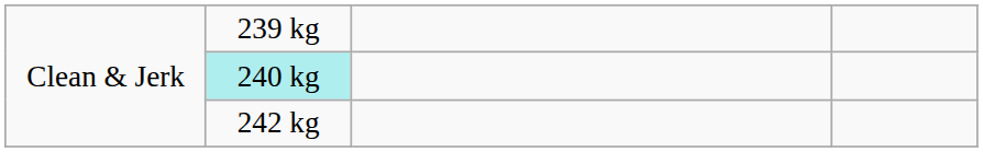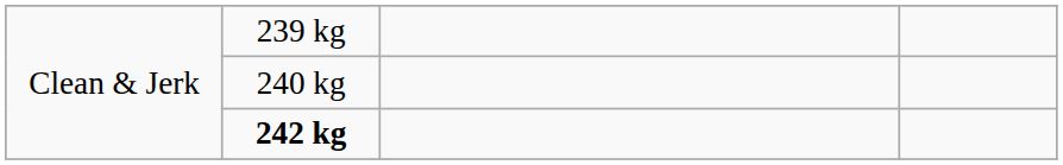 <table class = "wikitable" style="text-align:center;">
 <tr>
 <td rowspan=3 width=100>Clean & Jerk</td>
 <td width=70>239 kg</td>
 <td width=250 align=left></td>
 <td width=70></td>
 </tr>
 <tr>
-<td style="background: paleturquoise;">240 kg</td>
+<td>240 kg</td>
 <td align=left></td>
 <td></td>
 </tr>
 <tr>
-<td>242 kg</td>
+<td><strong>242 kg</strong></td>
 <td align=left></td>
 <td></td>
 </tr>
 </table>
